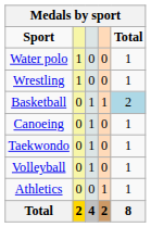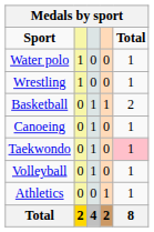 <table class="wikitable" style="font-size:85%; float:right;">
 <tr style="background:#efefef;">
 <th colspan=7>Medals by sport</th>
 </tr>
 <tr align=center>
 <td><strong>Sport</strong></td>
 <td style="background:#f7f6a8;"></td>
 <td style="background:#dce5e5;"></td>
 <td style="background:#ffdab9;"></td>
 <td><strong>Total</strong></td>
 </tr>
 <tr align=center>
 <td><a href='#'>Water polo</a></td>
 <td style="background:#f7f6a8;">1</td>
 <td style="background:#dce5e5;">0</td>
 <td style="background:#ffdab9;">0</td>
 <td>1</td>
 </tr>
 <tr align=center>
 <td><a href='#'>Wrestling</a></td>
 <td style="background:#f7f6a8;">1</td>
 <td style="background:#dce5e5;">0</td>
 <td style="background:#ffdab9;">0</td>
 <td>1</td>
 </tr>
 <tr align=center>
 <td><a href='#'>Basketball</a></td>
 <td style="background:#f7f6a8;">0</td>
 <td style="background:#dce5e5;">1</td>
 <td style="background:#ffdab9;">1</td>
-<td style="background: lightblue;">2</td>
+<td>2</td>
 </tr>
 <tr align=center>
 <td><a href='#'>Canoeing</a></td>
 <td style="background:#f7f6a8;">0</td>
 <td style="background:#dce5e5;">1</td>
 <td style="background:#ffdab9;">0</td>
 <td>1</td>
 </tr>
 <tr align=center>
 <td><a href='#'>Taekwondo</a></td>
 <td style="background:#f7f6a8;">0</td>
 <td style="background:#dce5e5;">1</td>
 <td style="background:#ffdab9;">0</td>
-<td>1</td>
+<td style="background: pink;">1</td>
 </tr>
 <tr align=center>
 <td><a href='#'>Volleyball</a></td>
 <td style="background:#f7f6a8;">0</td>
 <td style="background:#dce5e5;">1</td>
 <td style="background:#ffdab9;">0</td>
 <td>1</td>
 </tr>
 <tr align=center>
 <td><a href='#'>Athletics</a></td>
 <td style="background:#f7f6a8;">0</td>
 <td style="background:#dce5e5;">0</td>
 <td style="background:#ffdab9;">1</td>
 <td>1</td>
 </tr>
 <tr align=center>
 <th>Total</th>
 <th style="background:gold;">2</th>
 <th style="background:silver;">4</th>
 <th style="background:#c96;">2</th>
 <th>8</th>
 </tr>
 </table>
